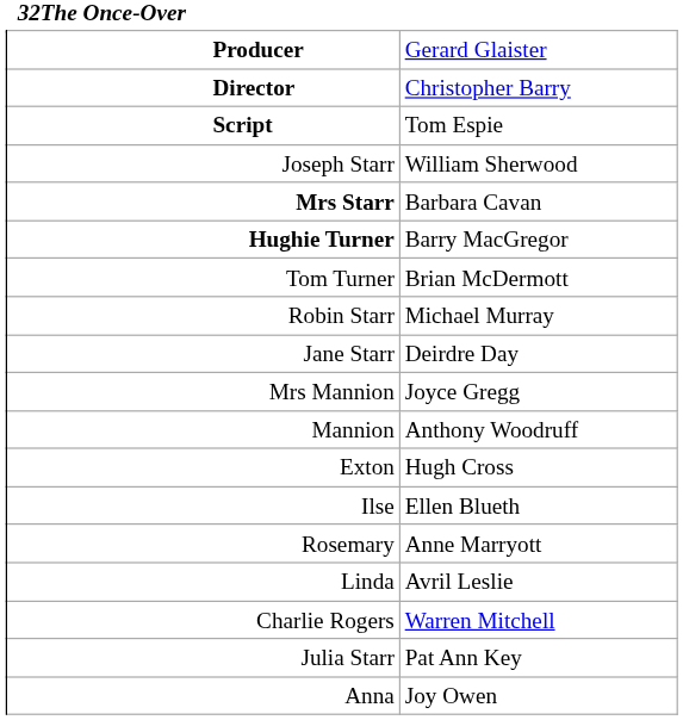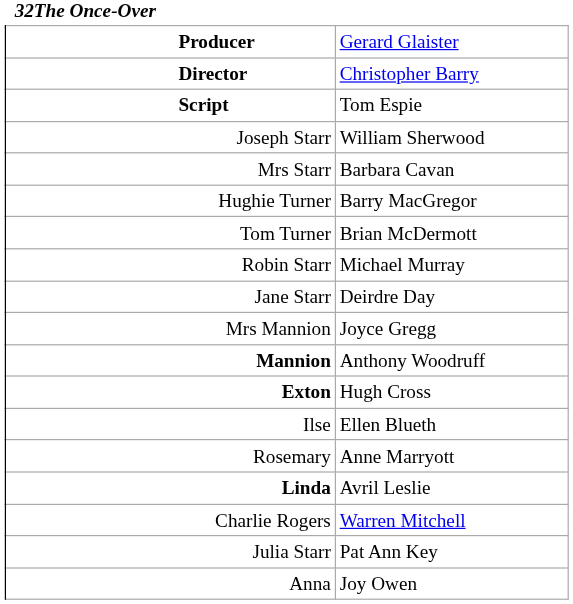 <table class="wikitable mw-collapsible mw-collapsed" style="vertical-align:top;margin:auto 2em;line-height:1.2;min-width:33em;display: inline-table;background-color:inherit;border:none;">
 <tr>
 <td class=unsortable style="border:hidden;line-height:1.67;text-align:center;margin-left:-1em;padding-left:0.5em;min-width:1.0em;"></td>
 <td class=unsortable style="border:none;padding-left:0.5em;text-align:left;min-width:16.5em;font-weight:700;font-style:italic;">32The Once-Over</td>
 <td class=unsortable style="border:none;text-align:right;font-weight:normal;font-family:Courier;font-size:95%;letter-spacing:-1pt;min-width:8.5em;padding-right:0.2em;"></td>
 <td class=unsortable style="border:hidden;min-width:3.5em;padding-left:0;"></td>
 <td class=unsortable style="border:hidden;min-width:3.5em;font-size:95%;"></td>
 </tr>
 <tr>
 <td rowspan=100 style="border:none thin;border-right-style :solid;"></td>
 </tr>
 <tr>
 <td style="text-align:left;padding-left:9.0em;font-weight:bold;">Producer</td>
 <td colspan=2><a href='#'>Gerard Glaister</a></td>
 </tr>
 <tr>
 <td style="text-align:left;padding-left:9.0em;font-weight:bold;">Director</td>
 <td colspan=2><a href='#'>Christopher Barry</a></td>
 </tr>
 <tr>
 <td style="text-align:left;padding-left:9.0em;font-weight:bold;">Script</td>
 <td colspan=2>Tom Espie</td>
 </tr>
 <tr>
 <td style="text-align:right;">Joseph Starr</td>
 <td colspan=2>William Sherwood</td>
 </tr>
 <tr>
-<td style="text-align:right;"><strong>Mrs Starr</strong></td>
+<td style="text-align:right;">Mrs Starr</td>
 <td colspan=2>Barbara Cavan</td>
 </tr>
 <tr>
-<td style="text-align:right;"><strong>Hughie Turner</strong></td>
+<td style="text-align:right;">Hughie Turner</td>
 <td colspan=2>Barry MacGregor</td>
 </tr>
 <tr>
 <td style="text-align:right;">Tom Turner</td>
 <td colspan=2>Brian McDermott</td>
 </tr>
 <tr>
 <td style="text-align:right;">Robin Starr</td>
 <td colspan=2>Michael Murray</td>
 </tr>
 <tr>
 <td style="text-align:right;">Jane Starr</td>
 <td colspan=2>Deirdre Day</td>
 </tr>
 <tr>
 <td style="text-align:right;">Mrs Mannion</td>
 <td colspan=2>Joyce Gregg</td>
 </tr>
 <tr>
-<td style="text-align:right;">Mannion</td>
+<td style="text-align:right;"><strong>Mannion</strong></td>
 <td colspan=2>Anthony Woodruff</td>
 </tr>
 <tr>
-<td style="text-align:right;">Exton</td>
+<td style="text-align:right;"><strong>Exton</strong></td>
 <td colspan=2>Hugh Cross</td>
 </tr>
 <tr>
 <td style="text-align:right;">Ilse</td>
 <td colspan=2>Ellen Blueth</td>
 </tr>
 <tr>
 <td style="text-align:right;">Rosemary</td>
 <td colspan=2>Anne Marryott</td>
 </tr>
 <tr>
-<td style="text-align:right;">Linda</td>
+<td style="text-align:right;"><strong>Linda</strong></td>
 <td colspan=2>Avril Leslie</td>
 </tr>
 <tr>
 <td style="text-align:right;">Charlie Rogers</td>
 <td colspan=2><a href='#'>Warren Mitchell</a></td>
 </tr>
 <tr>
 <td style="text-align:right;">Julia Starr</td>
 <td colspan=2>Pat Ann Key</td>
 </tr>
 <tr>
 <td style="text-align:right;">Anna</td>
 <td colspan=2>Joy Owen</td>
 </tr>
 </table>
